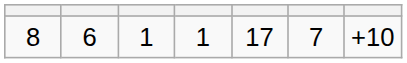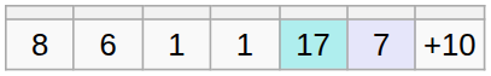 <table class="wikitable" style="text-align: center;">
 <tr>
 <th width="28"></th>
 <th width="28"></th>
 <th width="28"></th>
 <th width="28"></th>
 <th width="28"></th>
 <th width="28"></th>
 <th width="28"></th>
 </tr>
 <tr>
 <td>8</td>
 <td>6</td>
 <td>1</td>
 <td>1</td>
-<td>17</td>
-<td>7</td>
+<td style="background: paleturquoise;">17</td>
+<td style="background: lavender;">7</td>
 <td>+10</td>
 </tr>
 </table>
